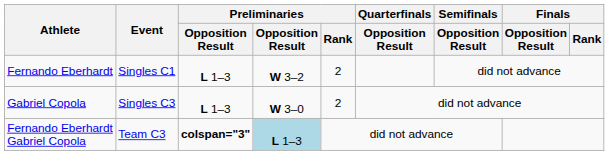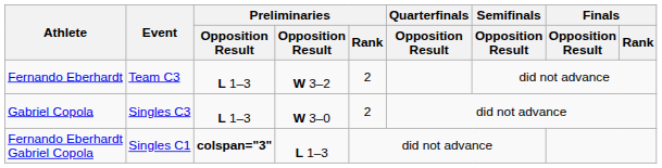 <table class=wikitable style="font-size:90%">
 <tr>
 <th rowspan="2">Athlete</th>
 <th rowspan="2">Event</th>
 <th colspan="3">Preliminaries</th>
 <th>Quarterfinals</th>
 <th>Semifinals</th>
 <th colspan="2">Finals</th>
 </tr>
 <tr>
 <th>Opposition<br>Result</th>
 <th>Opposition<br>Result</th>
 <th>Rank</th>
 <th>Opposition<br>Result</th>
 <th>Opposition<br>Result</th>
 <th>Opposition<br>Result</th>
 <th>Rank</th>
 </tr>
 <tr align=center>
 <td align=left><a href='#'>Fernando Eberhardt</a></td>
-<td align=left><a href='#'>Singles C1</a></td>
+<td align=left><a href='#'>Team C3</a></td>
 <td> <br> <strong>L</strong> 1–3</td>
 <td> <br> <strong>W</strong> 3–2</td>
 <td>2</td>
 <td></td>
 <td colspan="3">did not advance</td>
 </tr>
 <tr align=center>
 <td align=left><a href='#'>Gabriel Copola</a></td>
 <td align=left><a href='#'>Singles C3</a></td>
 <td> <br> <strong>L</strong> 1–3</td>
 <td> <br> <strong>W</strong> 3–0</td>
 <td>2</td>
 <td colspan="4">did not advance</td>
 </tr>
 <tr align=center>
 <td align=left><a href='#'>Fernando Eberhardt</a><br><a href='#'>Gabriel Copola</a></td>
-<td align=left><a href='#'>Team C3</a></td>
+<td align=left><a href='#'>Singles C1</a></td>
 <td><strong>colspan="3" </strong></td>
-<td style="background: lightblue;"><br> <strong>L</strong> 1–3</td>
+<td><br> <strong>L</strong> 1–3</td>
 <td colspan="3">did not advance</td>
 </tr>
 </table>
